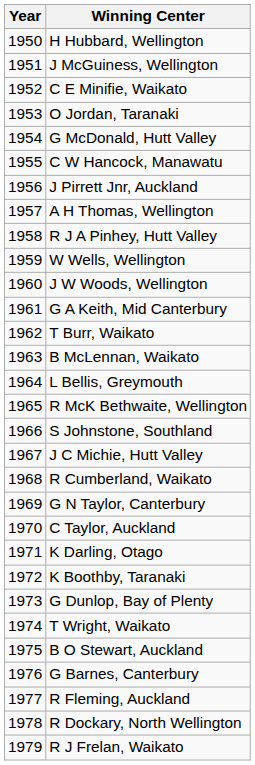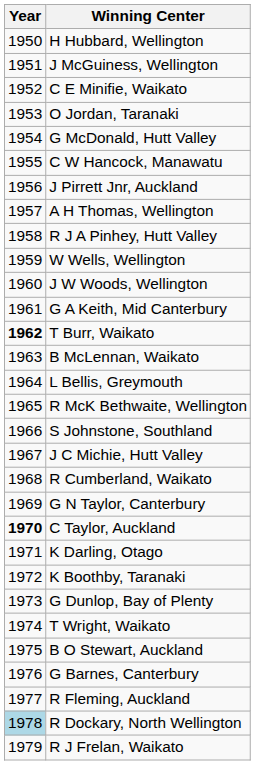 <table class="wikitable sortable">
 <tr>
 <th>Year</th>
 <th>Winning Center</th>
 </tr>
 <tr>
 <td>1950</td>
 <td>H Hubbard, Wellington</td>
 </tr>
 <tr>
 <td>1951</td>
 <td>J McGuiness, Wellington</td>
 </tr>
 <tr>
 <td>1952</td>
 <td>C E Minifie, Waikato</td>
 </tr>
 <tr>
 <td>1953</td>
 <td>O Jordan, Taranaki</td>
 </tr>
 <tr>
 <td>1954</td>
 <td>G McDonald, Hutt Valley</td>
 </tr>
 <tr>
 <td>1955</td>
 <td>C W Hancock, Manawatu</td>
 </tr>
 <tr>
 <td>1956</td>
 <td>J Pirrett Jnr, Auckland</td>
 </tr>
 <tr>
 <td>1957</td>
 <td>A H Thomas, Wellington</td>
 </tr>
 <tr>
 <td>1958</td>
 <td>R J A Pinhey, Hutt Valley</td>
 </tr>
 <tr>
 <td>1959</td>
 <td>W Wells, Wellington</td>
 </tr>
 <tr>
 <td>1960</td>
 <td>J W Woods, Wellington</td>
 </tr>
 <tr>
 <td>1961</td>
 <td>G A Keith, Mid Canterbury</td>
 </tr>
 <tr>
-<td>1962</td>
+<td><strong>1962</strong></td>
 <td>T Burr, Waikato</td>
 </tr>
 <tr>
 <td>1963</td>
 <td>B McLennan, Waikato</td>
 </tr>
 <tr>
 <td>1964</td>
 <td>L Bellis, Greymouth</td>
 </tr>
 <tr>
 <td>1965</td>
 <td>R McK Bethwaite, Wellington</td>
 </tr>
 <tr>
 <td>1966</td>
 <td>S Johnstone, Southland</td>
 </tr>
 <tr>
 <td>1967</td>
 <td>J C Michie, Hutt Valley</td>
 </tr>
 <tr>
 <td>1968</td>
 <td>R Cumberland, Waikato</td>
 </tr>
 <tr>
 <td>1969</td>
 <td>G N Taylor, Canterbury</td>
 </tr>
 <tr>
-<td>1970</td>
+<td><strong>1970</strong></td>
 <td>C Taylor, Auckland</td>
 </tr>
 <tr>
 <td>1971</td>
 <td>K Darling, Otago</td>
 </tr>
 <tr>
 <td>1972</td>
 <td>K Boothby, Taranaki</td>
 </tr>
 <tr>
 <td>1973</td>
 <td>G Dunlop, Bay of Plenty</td>
 </tr>
 <tr>
 <td>1974</td>
 <td>T Wright, Waikato</td>
 </tr>
 <tr>
 <td>1975</td>
 <td>B O Stewart, Auckland</td>
 </tr>
 <tr>
 <td>1976</td>
 <td>G Barnes, Canterbury</td>
 </tr>
 <tr>
 <td>1977</td>
 <td>R Fleming, Auckland</td>
 </tr>
 <tr>
-<td>1978</td>
+<td style="background: lightblue;">1978</td>
 <td>R Dockary, North Wellington</td>
 </tr>
 <tr>
 <td>1979</td>
 <td>R J Frelan, Waikato</td>
 </tr>
 </table>
